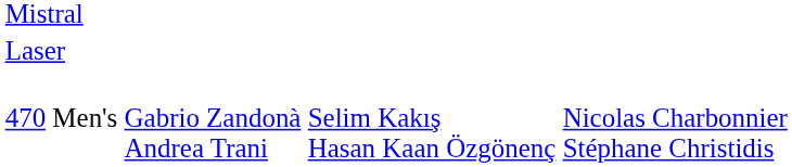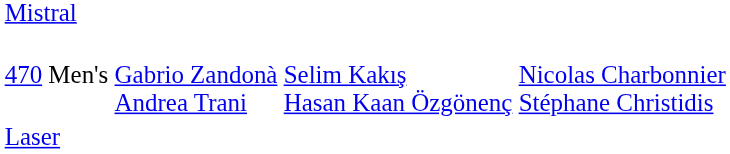 <table>
 <tr>
 <td><a href='#'>Mistral</a></td>
-<td></td>
-<td></td>
-<td></td>
-</tr>
-<tr>
-<td><a href='#'>Laser</a></td>
 <td></td>
 <td></td>
 <td></td>
 </tr>
 <tr>
 <td><a href='#'>470</a> Men's</td>
 <td style="vertical-align:top;"><br><a href='#'>Gabrio Zandonà</a><br><a href='#'>Andrea Trani</a></td>
 <td style="vertical-align:top;"><br><a href='#'>Selim Kakış</a><br><a href='#'>Hasan Kaan Özgönenç</a></td>
 <td style="vertical-align:top;"><br><a href='#'>Nicolas Charbonnier</a><br><a href='#'>Stéphane Christidis</a></td>
 </tr>
+<tr>
+<td><a href='#'>Laser</a></td>
+<td></td>
+<td></td>
+<td></td>
+</tr>
 </table>
